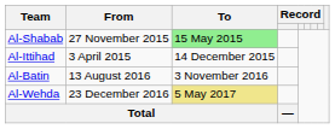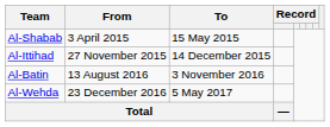 <table class=wikitable style="text-align:center">
 <tr>
 <th rowspan=2>Team</th>
 <th rowspan=2>From</th>
 <th rowspan=2>To</th>
 <th colspan=5>Record</th>
 <th rowspan=2></th>
 </tr>
 <tr>
 <th></th>
 <th></th>
 <th></th>
 <th></th>
 <th></th>
 </tr>
 <tr>
 <td align=left><a href='#'>Al-Shabab</a></td>
-<td align=left>27 November 2015</td>
-<td align=left style="background: lightgreen;">15 May 2015<br></td>
+<td align=left>3 April 2015</td>
+<td align=left>15 May 2015<br></td>
 <td></td>
 </tr>
 <tr>
 <td align=left><a href='#'>Al-Ittihad</a></td>
-<td align=left>3 April 2015</td>
+<td align=left>27 November 2015</td>
 <td align=left>14 December 2015<br></td>
 <td></td>
 </tr>
 <tr>
 <td align=left><a href='#'>Al-Batin</a></td>
 <td align=left>13 August 2016</td>
 <td align=left>3 November 2016<br></td>
 <td></td>
 </tr>
 <tr>
 <td align=left><a href='#'>Al-Wehda</a></td>
 <td align=left>23 December 2016</td>
-<td align=left style="background: khaki;">5 May 2017<br></td>
+<td align=left>5 May 2017<br></td>
 <td></td>
 </tr>
 <tr>
 <th colspan=3>Total<br></th>
 <th>—</th>
 </tr>
 </table>
